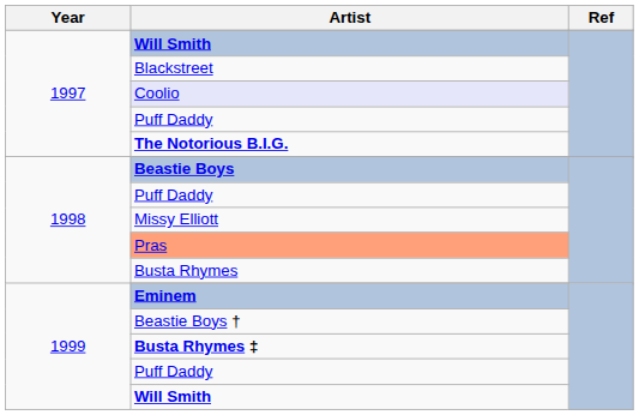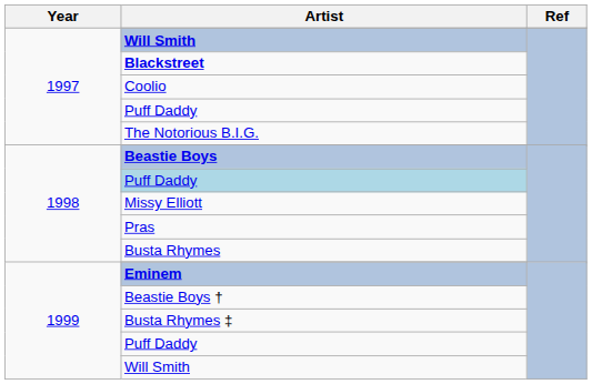 <table class="wikitable" style="width:50%;">
 <tr style="background:#bebebe;">
 <th style="width:10%;">Year</th>
 <th style="width:35%;">Artist</th>
 <th style="width:5%;">Ref</th>
 </tr>
 <tr>
 <td rowspan="6" align="center"><a href='#'>1997</a></td>
 </tr>
 <tr style="background:#B0C4DE">
 <td><strong><a href='#'>Will Smith</a></strong></td>
 <td rowspan="6" align="center"></td>
 </tr>
 <tr>
-<td><a href='#'>Blackstreet</a></td>
+<td><strong><a href='#'>Blackstreet</a></strong></td>
 </tr>
 <tr>
-<td style="background: lavender;"><a href='#'>Coolio</a></td>
+<td><a href='#'>Coolio</a></td>
 </tr>
 <tr>
 <td><a href='#'>Puff Daddy</a></td>
 </tr>
 <tr>
-<td><strong><a href='#'>The Notorious B.I.G.</a></strong></td>
+<td><a href='#'>The Notorious B.I.G.</a></td>
 </tr>
 <tr>
 <td rowspan="6" align="center"><a href='#'>1998</a></td>
 </tr>
 <tr style="background:#B0C4DE">
 <td><strong><a href='#'>Beastie Boys</a></strong></td>
 <td rowspan="6" align="center"></td>
 </tr>
 <tr>
-<td><a href='#'>Puff Daddy</a></td>
+<td style="background: lightblue;"><a href='#'>Puff Daddy</a></td>
 </tr>
 <tr>
 <td><a href='#'>Missy Elliott</a></td>
 </tr>
 <tr>
-<td style="background: lightsalmon;"><a href='#'>Pras</a></td>
+<td><a href='#'>Pras</a></td>
 </tr>
 <tr>
 <td><a href='#'>Busta Rhymes</a></td>
 </tr>
 <tr>
 <td rowspan="6" align="center"><a href='#'>1999</a></td>
 </tr>
 <tr style="background:#B0C4DE">
 <td><strong><a href='#'>Eminem</a></strong></td>
 <td rowspan="6" align="center"></td>
 </tr>
 <tr>
 <td><a href='#'>Beastie Boys</a> †</td>
 </tr>
 <tr>
-<td><strong><a href='#'>Busta Rhymes</a> ‡</strong></td>
+<td><a href='#'>Busta Rhymes</a> ‡</td>
 </tr>
 <tr>
 <td><a href='#'>Puff Daddy</a></td>
 </tr>
 <tr>
-<td><strong><a href='#'>Will Smith</a></strong></td>
+<td><a href='#'>Will Smith</a></td>
 </tr>
 </table>
